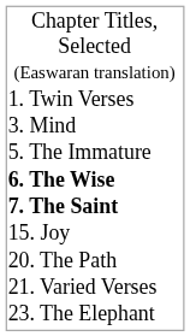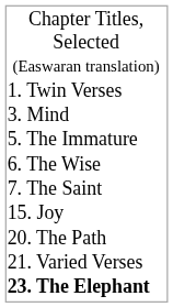 <table width=120 style="float: left; border: 1px solid darkgray; margin: .46em; font-size: 90%;" border="0" cellpadding="0" cellspacing="1">
 <tr>
 <td colspan="1" align="center">Chapter Titles,<br>Selected<br><small>(Easwaran translation)</small></td>
 </tr>
 <tr valign="top">
 <td width=110>1. Twin Verses</td>
 </tr>
 <tr valign="top">
 <td>3. Mind</td>
 </tr>
 <tr valign="top">
 <td>5. The Immature</td>
 </tr>
 <tr valign="top">
-<td><strong>6. The Wise</strong></td>
+<td>6. The Wise</td>
 </tr>
 <tr valign="top">
-<td><strong>7. The Saint</strong></td>
+<td>7. The Saint</td>
 </tr>
 <tr valign="top">
 <td>15. Joy</td>
 </tr>
 <tr valign="top">
 <td>20. The Path</td>
 </tr>
 <tr valign="top">
 <td>21. Varied Verses</td>
 </tr>
 <tr valign="top">
-<td>23. The Elephant</td>
+<td><strong>23. The Elephant</strong></td>
 </tr>
 <tr valign="top">
 <td></td>
 </tr>
 </table>
